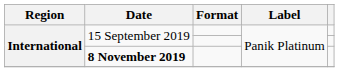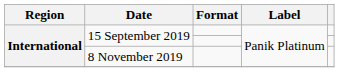 <table class="wikitable plainrowheaders">
 <tr>
 <th scope="col">Region</th>
 <th scope="col">Date</th>
 <th scope="col">Format</th>
 <th scope="col">Label</th>
 <th scope="col"></th>
 </tr>
 <tr>
 <th scope="row" rowspan="3">International</th>
 <td rowspan="2">15 September 2019</td>
 <td></td>
 <td rowspan="3">Panik Platinum</td>
 <td></td>
 </tr>
 <tr>
 <td></td>
 <td></td>
 </tr>
 <tr>
-<td><strong>8 November 2019</strong></td>
+<td>8 November 2019</td>
 <td></td>
 <td></td>
 </tr>
 <tr>
 </tr>
 </table>
